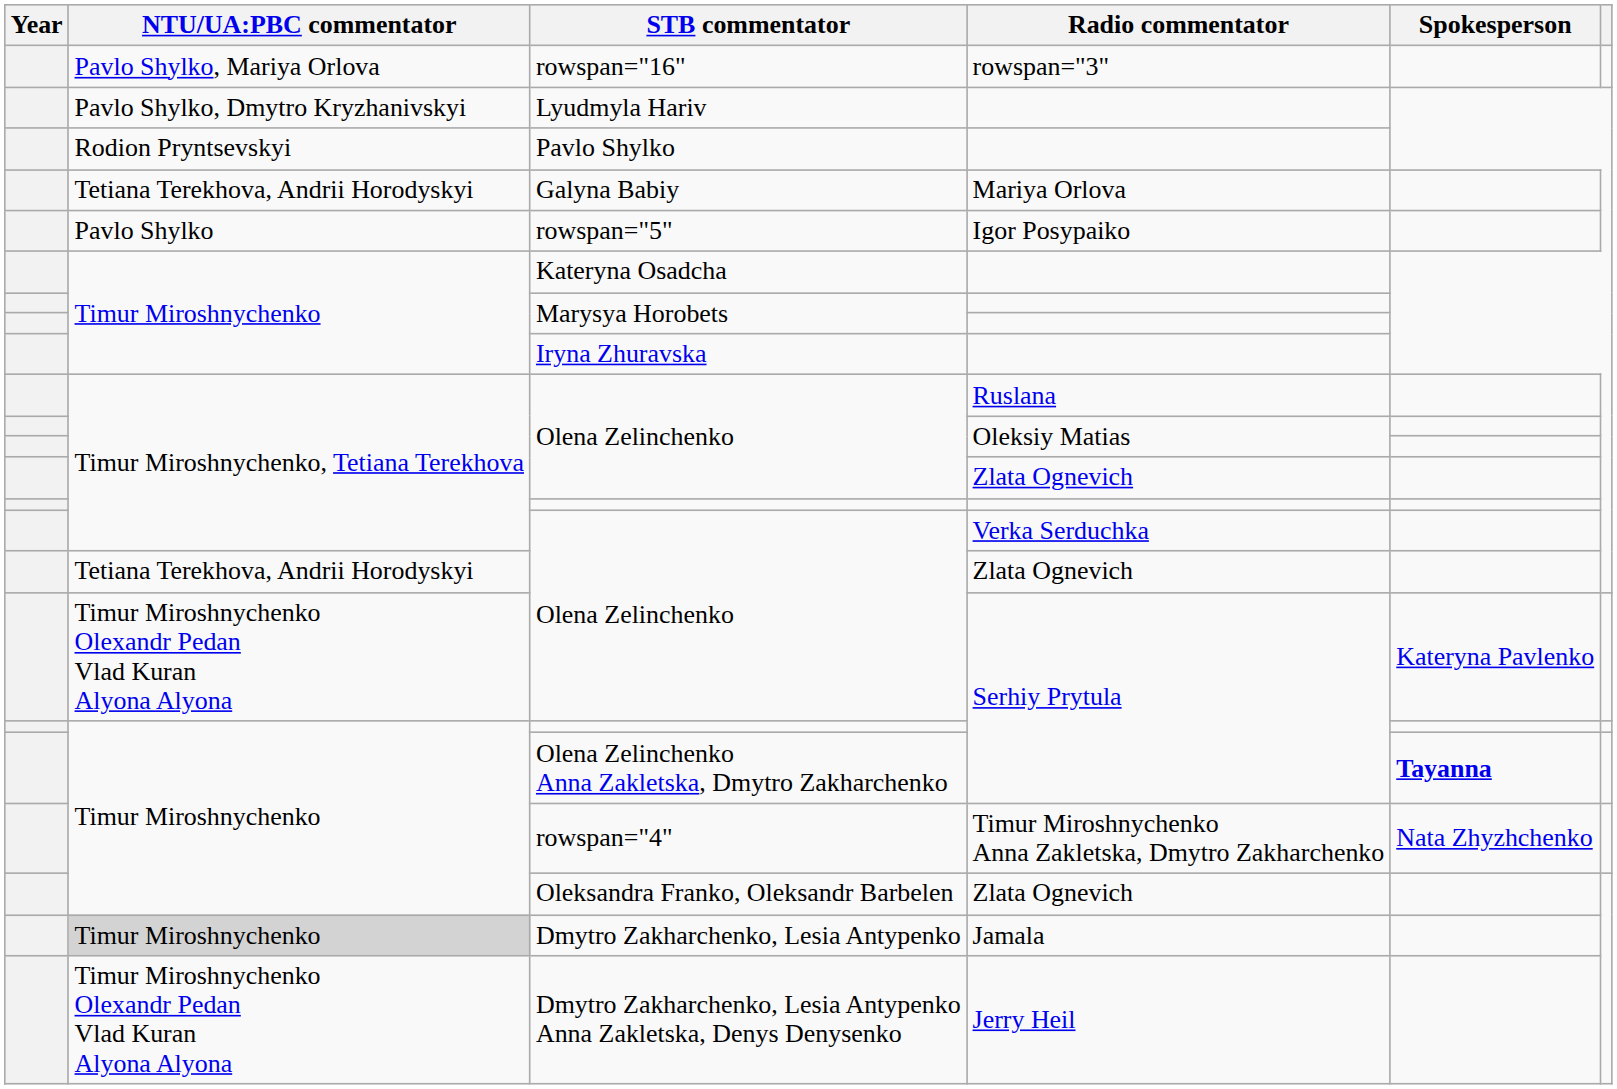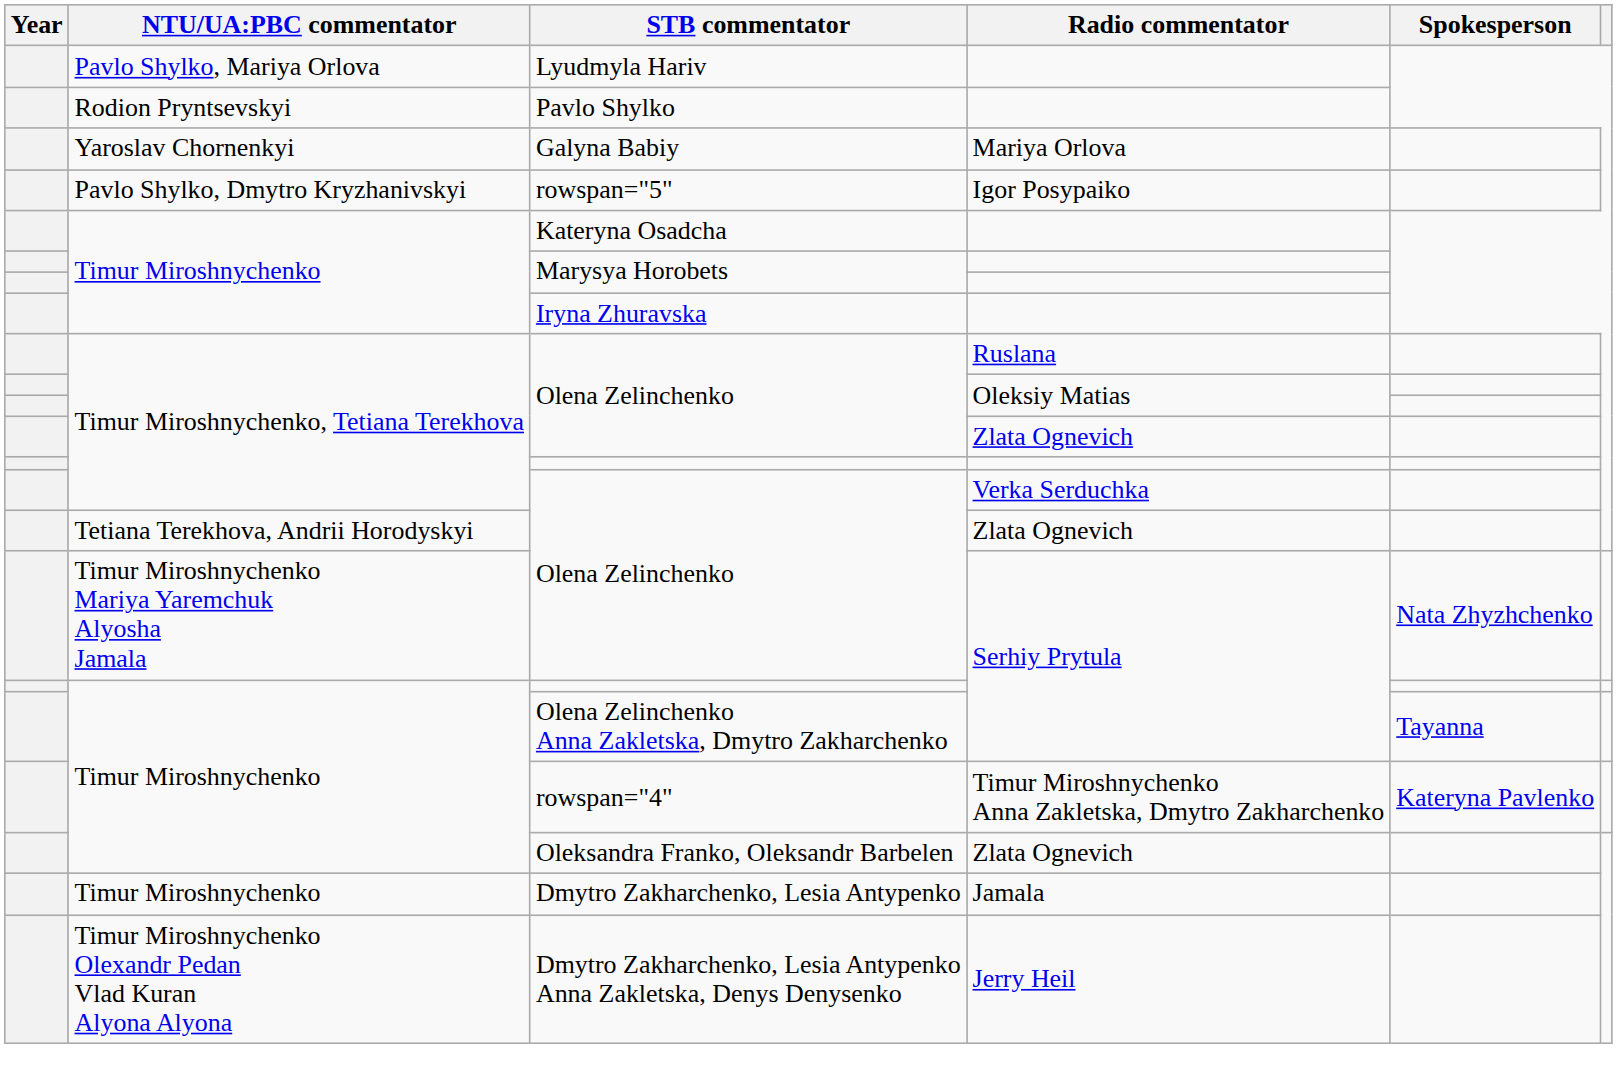 <table class="wikitable sortable plainrowheaders">
 <tr>
 <th>Year</th>
 <th><a href='#'>NTU/UA:PBC</a> commentator</th>
 <th><a href='#'>STB</a> commentator</th>
 <th>Radio commentator</th>
 <th>Spokesperson</th>
 <th class="unsortable"></th>
 </tr>
 <tr>
 <th scope="row"></th>
 <td><a href='#'>Pavlo Shylko</a>, Mariya Orlova</td>
-<td>rowspan="16" </td>
-<td>rowspan="3" </td>
-<td></td>
-<td></td>
-</tr>
-<tr>
-<th scope="row"></th>
-<td>Pavlo Shylko, Dmytro Kryzhanivskyi</td>
 <td>Lyudmyla Hariv</td>
 <td></td>
 </tr>
 <tr>
 <th scope="row"></th>
 <td>Rodion Pryntsevskyi</td>
 <td>Pavlo Shylko</td>
 <td></td>
 </tr>
 <tr>
 <th scope="row"></th>
-<td>Tetiana Terekhova, Andrii Horodyskyi</td>
+<td>Yaroslav Chornenkyi</td>
 <td>Galyna Babiy</td>
 <td>Mariya Orlova</td>
 <td></td>
 </tr>
 <tr>
 <th scope="row"></th>
-<td>Pavlo Shylko</td>
+<td>Pavlo Shylko, Dmytro Kryzhanivskyi</td>
 <td>rowspan="5" </td>
 <td>Igor Posypaiko</td>
 <td></td>
 </tr>
 <tr>
 <th scope="row"></th>
 <td rowspan="4"><a href='#'>Timur Miroshnychenko</a></td>
 <td>Kateryna Osadcha</td>
 <td></td>
 </tr>
 <tr>
 <th scope="row"></th>
 <td rowspan="2">Marysya Horobets</td>
 <td></td>
 </tr>
 <tr>
 <th scope="row"></th>
 <td></td>
 </tr>
 <tr>
 <th scope="row"></th>
 <td><a href='#'>Iryna Zhuravska</a></td>
 <td></td>
 </tr>
 <tr>
 <th scope="row"></th>
 <td rowspan="6">Timur Miroshnychenko, <a href='#'>Tetiana Terekhova</a></td>
 <td rowspan="4">Olena Zelinchenko</td>
 <td><a href='#'>Ruslana</a></td>
 <td></td>
 </tr>
 <tr>
 <th scope="row"></th>
 <td rowspan="2">Oleksiy Matias</td>
 <td></td>
 </tr>
 <tr>
 <th scope="row"></th>
 <td></td>
 </tr>
 <tr>
 <th scope="row"></th>
 <td><a href='#'>Zlata Ognevich</a></td>
 <td></td>
 </tr>
 <tr>
 <th scope="row"></th>
 <td></td>
 <td></td>
 <td></td>
 </tr>
 <tr>
 <th scope="row"></th>
 <td rowspan="3">Olena Zelinchenko</td>
 <td><a href='#'>Verka Serduchka</a></td>
 <td></td>
 </tr>
 <tr>
 <th scope="row"></th>
 <td>Tetiana Terekhova, Andrii Horodyskyi</td>
 <td>Zlata Ognevich</td>
 <td></td>
 </tr>
 <tr>
 <th scope="row"></th>
-<td>Timur Miroshnychenko <br><a href='#'>Olexandr Pedan</a> <br>Vlad Kuran <br><a href='#'>Alyona Alyona</a> </td>
+<td>Timur Miroshnychenko <br><a href='#'>Mariya Yaremchuk</a> <br><a href='#'>Alyosha</a> <br><a href='#'>Jamala</a> </td>
 <td rowspan="3"><a href='#'>Serhiy Prytula</a></td>
-<td><a href='#'>Kateryna Pavlenko</a></td>
+<td><a href='#'>Nata Zhyzhchenko</a></td>
 <td></td>
 </tr>
 <tr>
 <th scope="row"></th>
 <td rowspan="4">Timur Miroshnychenko</td>
 <td></td>
 <td></td>
 <td></td>
 </tr>
 <tr>
 <th scope="row"></th>
 <td>Olena Zelinchenko <br><a href='#'>Anna Zakletska</a>, Dmytro Zakharchenko </td>
-<td><strong><a href='#'>Tayanna</a></strong></td>
+<td><a href='#'>Tayanna</a></td>
 <td></td>
 </tr>
 <tr>
 <th scope="row"></th>
 <td>rowspan="4" </td>
 <td>Timur Miroshnychenko <br>Anna Zakletska, Dmytro Zakharchenko </td>
-<td><a href='#'>Nata Zhyzhchenko</a></td>
+<td><a href='#'>Kateryna Pavlenko</a></td>
 <td></td>
 </tr>
 <tr>
 <th scope="row"></th>
 <td>Oleksandra Franko, Oleksandr Barbelen</td>
 <td>Zlata Ognevich</td>
 <td></td>
 </tr>
 <tr>
 <th scope="row"></th>
-<td style="background: lightgrey;">Timur Miroshnychenko <br> </td>
+<td>Timur Miroshnychenko <br> </td>
 <td>Dmytro Zakharchenko, Lesia Antypenko</td>
 <td>Jamala</td>
 <td></td>
 </tr>
 <tr>
 <th scope="row"></th>
 <td>Timur Miroshnychenko <br><a href='#'>Olexandr Pedan</a> <br>Vlad Kuran <br><a href='#'>Alyona Alyona</a> </td>
 <td>Dmytro Zakharchenko, Lesia Antypenko <br>Anna Zakletska, Denys Denysenko </td>
 <td><a href='#'>Jerry Heil</a></td>
 <td></td>
 </tr>
 </table>
